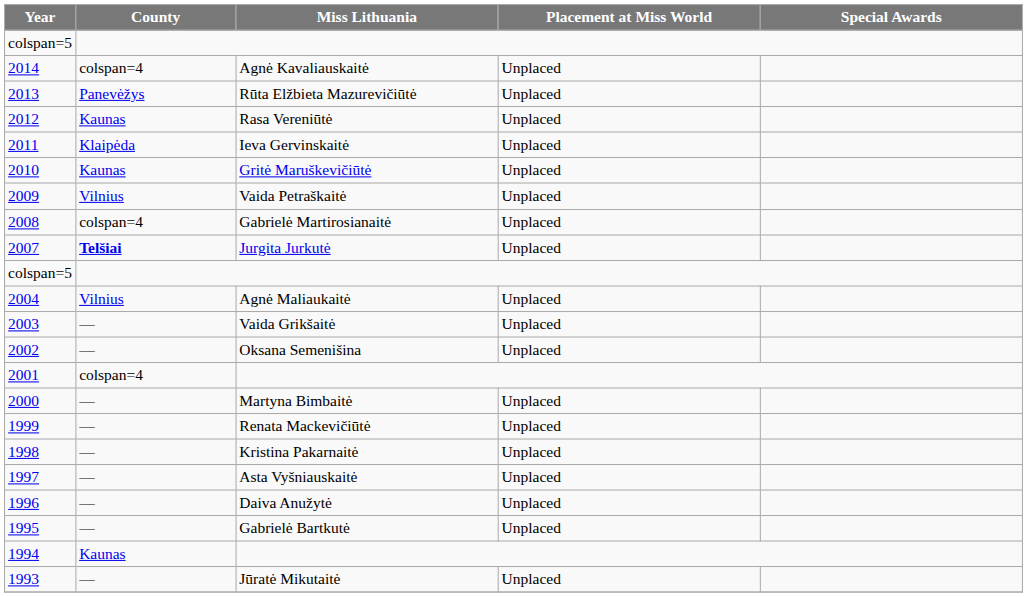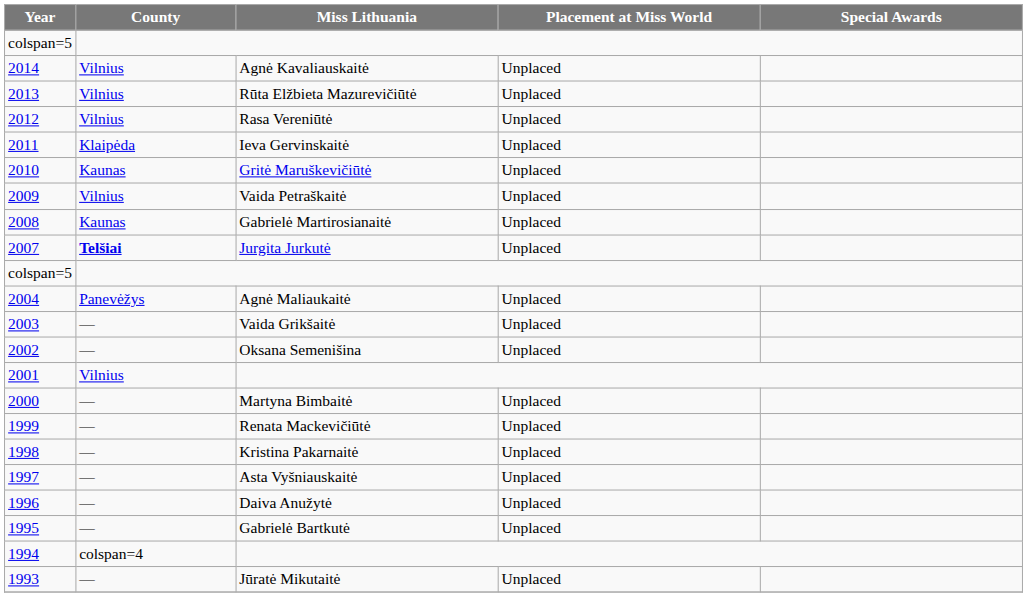 <table class="wikitable " style="font-size: 95%;">
 <tr>
 <th width="60" style="background-color:#787878;color:#FFFFFF;">Year</th>
 <th width="150" style="background-color:#787878;color:#FFFFFF;">County</th>
 <th width="250" style="background-color:#787878;color:#FFFFFF;">Miss Lithuania</th>
 <th width="250" style="background-color:#787878;color:#FFFFFF;">Placement at Miss World</th>
 <th width="250" style="background-color:#787878;color:#FFFFFF;">Special Awards</th>
 </tr>
 <tr>
 <td>colspan=5 </td>
 </tr>
 <tr>
 <td><a href='#'>2014</a></td>
-<td>colspan=4 </td>
+<td><a href='#'>Vilnius</a></td>
 <td>Agnė Kavaliauskaitė</td>
 <td>Unplaced</td>
 <td></td>
 </tr>
 <tr>
 <td><a href='#'>2013</a></td>
-<td><a href='#'>Panevėžys</a></td>
+<td><a href='#'>Vilnius</a></td>
 <td>Rūta Elžbieta Mazurevičiūtė</td>
 <td>Unplaced</td>
 <td></td>
 </tr>
 <tr>
 <td><a href='#'>2012</a></td>
-<td><a href='#'>Kaunas</a></td>
+<td><a href='#'>Vilnius</a></td>
 <td>Rasa Vereniūtė</td>
 <td>Unplaced</td>
 <td></td>
 </tr>
 <tr>
 <td><a href='#'>2011</a></td>
 <td><a href='#'>Klaipėda</a></td>
 <td>Ieva Gervinskaitė</td>
 <td>Unplaced</td>
 <td></td>
 </tr>
 <tr>
 <td><a href='#'>2010</a></td>
 <td><a href='#'>Kaunas</a></td>
 <td><a href='#'>Gritė Maruškevičiūtė</a></td>
 <td>Unplaced</td>
 <td></td>
 </tr>
 <tr>
 <td><a href='#'>2009</a></td>
 <td><a href='#'>Vilnius</a></td>
 <td>Vaida Petraškaitė</td>
 <td>Unplaced</td>
 <td></td>
 </tr>
 <tr>
 <td><a href='#'>2008</a></td>
-<td>colspan=4 </td>
+<td><a href='#'>Kaunas</a></td>
 <td>Gabrielė Martirosianaitė</td>
 <td>Unplaced</td>
 <td></td>
 </tr>
 <tr>
 <td><a href='#'>2007</a></td>
 <td><strong><a href='#'>Telšiai</a></strong></td>
 <td><a href='#'>Jurgita Jurkutė</a></td>
 <td>Unplaced</td>
 <td></td>
 </tr>
 <tr>
 <td>colspan=5 </td>
 </tr>
 <tr>
 <td><a href='#'>2004</a></td>
-<td><a href='#'>Vilnius</a></td>
+<td><a href='#'>Panevėžys</a></td>
 <td>Agnė Maliaukaitė</td>
 <td>Unplaced</td>
 <td></td>
 </tr>
 <tr>
 <td><a href='#'>2003</a></td>
 <td>—</td>
 <td>Vaida Grikšaitė</td>
 <td>Unplaced</td>
 <td></td>
 </tr>
 <tr>
 <td><a href='#'>2002</a></td>
 <td>—</td>
 <td>Oksana Semenišina</td>
 <td>Unplaced</td>
 <td></td>
 </tr>
 <tr>
 <td><a href='#'>2001</a></td>
-<td>colspan=4 </td>
+<td><a href='#'>Vilnius</a></td>
 </tr>
 <tr>
 <td><a href='#'>2000</a></td>
 <td>—</td>
 <td>Martyna Bimbaitė</td>
 <td>Unplaced</td>
 <td></td>
 </tr>
 <tr>
 <td><a href='#'>1999</a></td>
 <td>—</td>
 <td>Renata Mackevičiūtė</td>
 <td>Unplaced</td>
 <td></td>
 </tr>
 <tr>
 <td><a href='#'>1998</a></td>
 <td>—</td>
 <td>Kristina Pakarnaitė</td>
 <td>Unplaced</td>
 <td></td>
 </tr>
 <tr>
 <td><a href='#'>1997</a></td>
 <td>—</td>
 <td>Asta Vyšniauskaitė</td>
 <td>Unplaced</td>
 <td></td>
 </tr>
 <tr>
 <td><a href='#'>1996</a></td>
 <td>—</td>
 <td>Daiva Anužytė</td>
 <td>Unplaced</td>
 <td></td>
 </tr>
 <tr>
 <td><a href='#'>1995</a></td>
 <td>—</td>
 <td>Gabrielė Bartkutė</td>
 <td>Unplaced</td>
 <td></td>
 </tr>
 <tr>
 <td><a href='#'>1994</a></td>
-<td><a href='#'>Kaunas</a></td>
+<td>colspan=4 </td>
 </tr>
 <tr>
 <td><a href='#'>1993</a></td>
 <td>—</td>
 <td>Jūratė Mikutaitė</td>
 <td>Unplaced</td>
 <td></td>
 </tr>
 <tr>
 </tr>
 </table>
